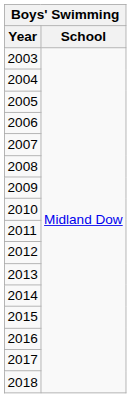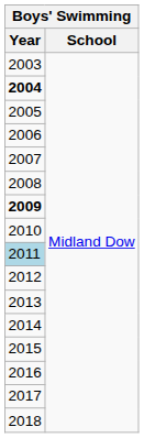 <table class="wikitable collapsible">
 <tr>
 <th colspan=2>Boys' Swimming</th>
 </tr>
 <tr>
 <th>Year</th>
 <th>School</th>
 </tr>
 <tr>
 <td>2003</td>
 <td rowspan="16"><a href='#'>Midland Dow</a></td>
 </tr>
 <tr>
-<td>2004</td>
+<td><strong>2004</strong></td>
 </tr>
 <tr>
 <td>2005</td>
 </tr>
 <tr>
 <td>2006</td>
 </tr>
 <tr>
 <td>2007</td>
 </tr>
 <tr>
 <td>2008</td>
 </tr>
 <tr>
-<td>2009</td>
+<td><strong>2009</strong></td>
 </tr>
 <tr>
 <td>2010</td>
 </tr>
 <tr>
-<td>2011</td>
+<td style="background: lightblue;">2011</td>
 </tr>
 <tr>
 <td>2012</td>
 </tr>
 <tr>
 <td>2013</td>
 </tr>
 <tr>
 <td>2014</td>
 </tr>
 <tr>
 <td>2015</td>
 </tr>
 <tr>
 <td>2016</td>
 </tr>
 <tr>
 <td>2017</td>
 </tr>
 <tr>
 <td>2018</td>
 </tr>
 </table>
